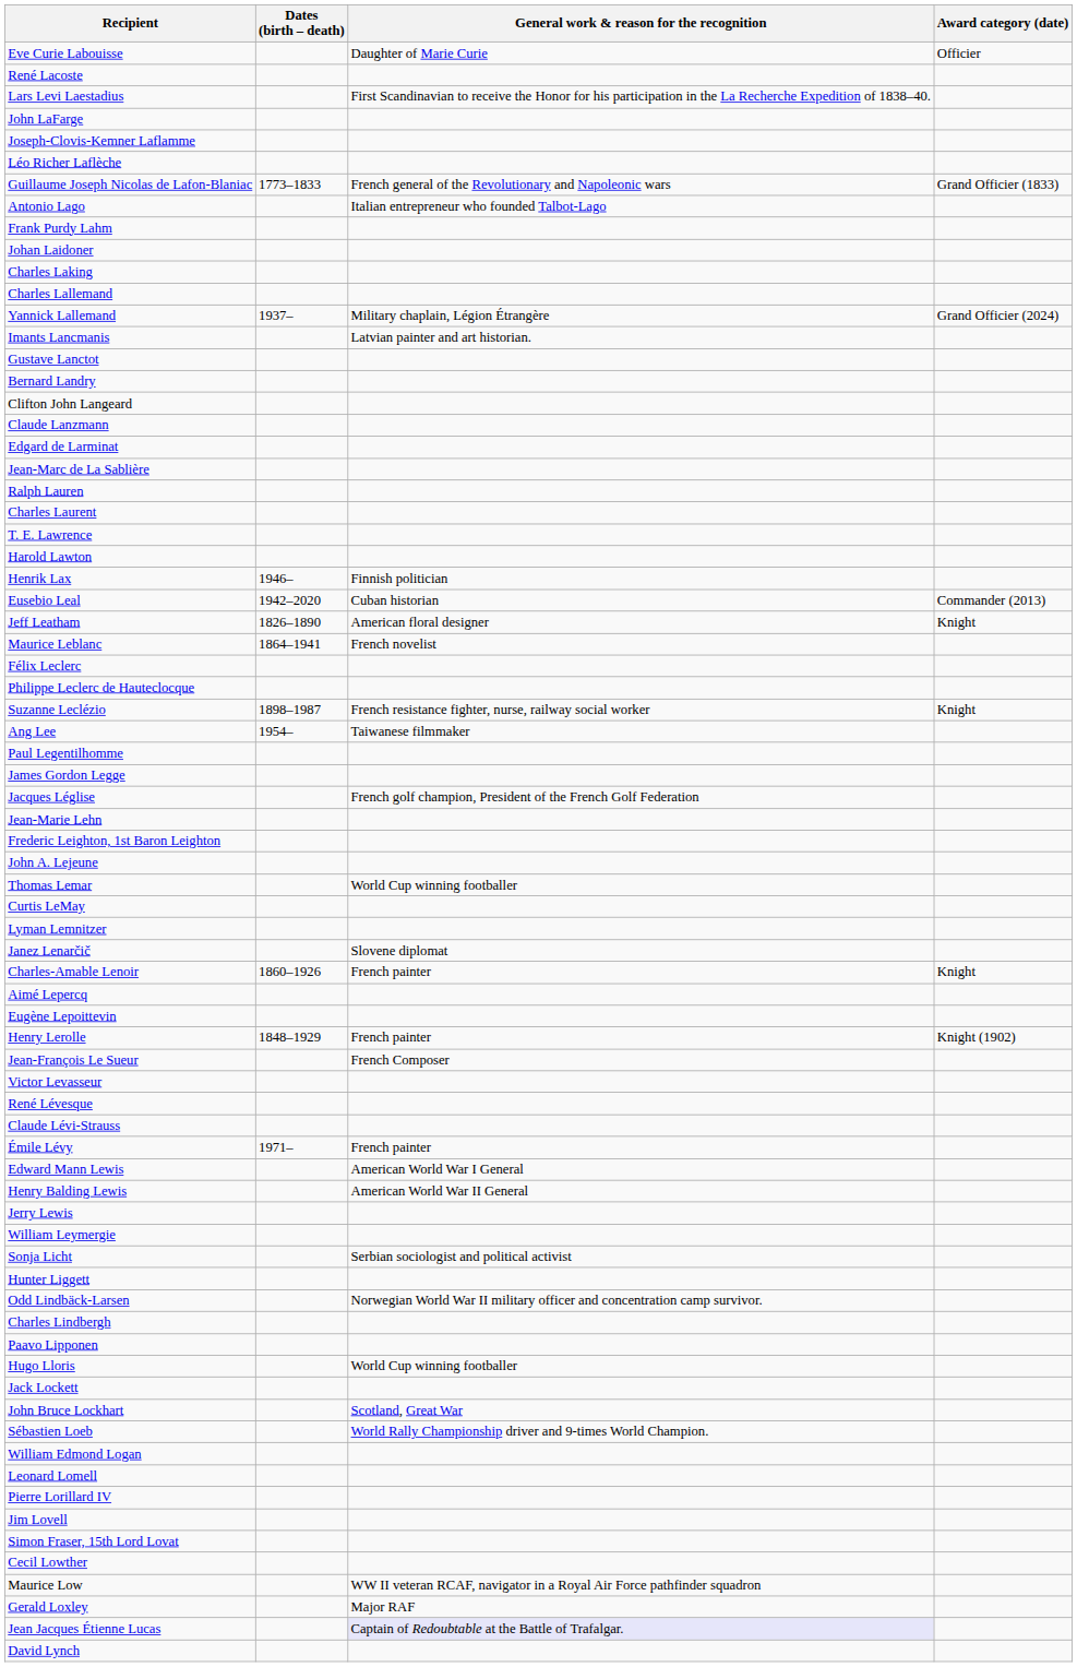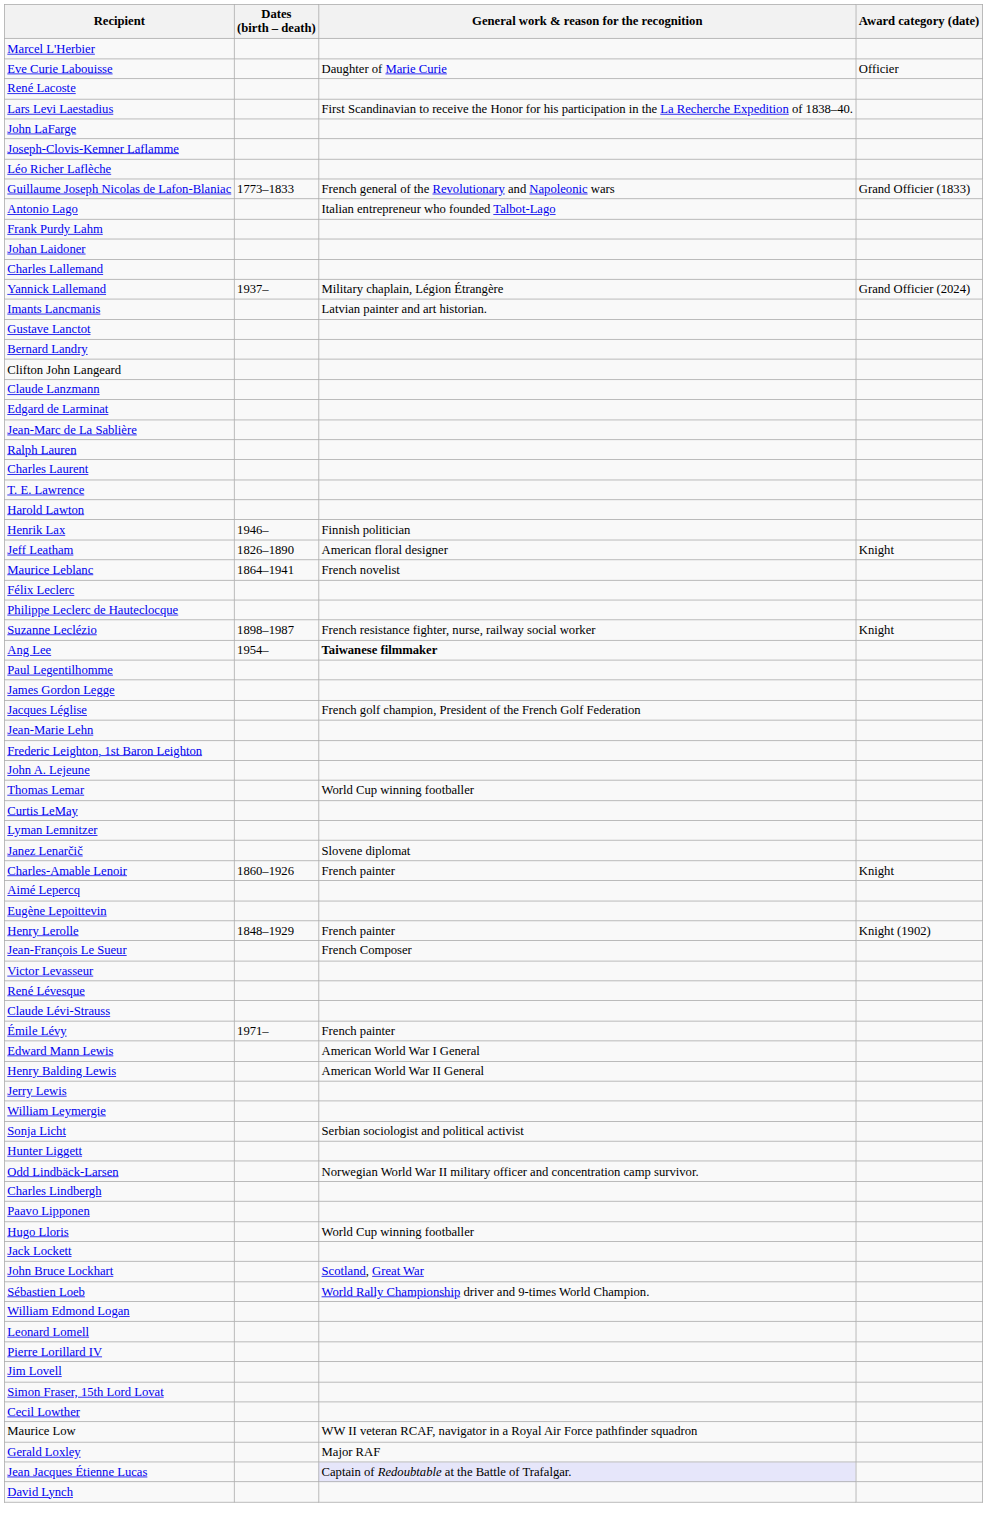 <table class="wikitable sortable static-row-numbers"|>
 <tr>
 <th>Recipient</th>
 <th style="white-space: nowrap;">Dates<br>(birth – death)</th>
 <th>General work & reason for the recognition</th>
 <th style="white-space: nowrap">Award category (date)</th>
+</tr>
+<tr>
+<td><a href='#'>Marcel L'Herbier</a></td>
+<td></td>
+<td></td>
+<td style="white-space: nowrap; text-align:left"></td>
 </tr>
 <tr>
 <td><a href='#'>Eve Curie Labouisse</a></td>
 <td></td>
 <td>Daughter of <a href='#'>Marie Curie</a></td>
 <td style="white-space: nowrap; text-align:left">Officier</td>
 </tr>
 <tr>
 <td><a href='#'>René Lacoste</a></td>
 <td></td>
 <td></td>
 <td style="white-space: nowrap; text-align:left"></td>
 </tr>
 <tr>
 <td><a href='#'>Lars Levi Laestadius</a></td>
 <td></td>
 <td>First Scandinavian to receive the Honor for his participation in the <a href='#'>La Recherche Expedition</a> of 1838–40.</td>
 <td style="white-space: nowrap; text-align:left"></td>
 </tr>
 <tr>
 <td><a href='#'>John LaFarge</a></td>
 <td></td>
 <td></td>
 <td style="white-space: nowrap; text-align:left"></td>
 </tr>
 <tr>
 <td><a href='#'>Joseph-Clovis-Kemner Laflamme</a></td>
 <td></td>
 <td></td>
 <td style="white-space: nowrap; text-align:left"></td>
 </tr>
 <tr>
 <td><a href='#'>Léo Richer Laflèche</a></td>
 <td></td>
 <td></td>
 <td style="white-space: nowrap; text-align:left"></td>
 </tr>
 <tr>
 <td><a href='#'>Guillaume Joseph Nicolas de Lafon-Blaniac</a></td>
 <td>1773–1833</td>
 <td>French general of the <a href='#'>Revolutionary</a> and <a href='#'>Napoleonic</a> wars</td>
 <td style="white-space: nowrap; text-align:left">Grand Officier (1833)</td>
 </tr>
 <tr>
 <td><a href='#'>Antonio Lago</a></td>
 <td></td>
 <td>Italian entrepreneur who founded <a href='#'>Talbot-Lago</a></td>
 <td style="white-space: nowrap; text-align:left"></td>
 </tr>
 <tr>
 <td><a href='#'>Frank Purdy Lahm</a></td>
 <td></td>
 <td></td>
 <td style="white-space: nowrap; text-align:left"></td>
 </tr>
 <tr>
 <td><a href='#'>Johan Laidoner</a></td>
-<td></td>
-<td></td>
-<td style="white-space: nowrap; text-align:left"></td>
-</tr>
-<tr>
-<td><a href='#'>Charles Laking</a></td>
 <td></td>
 <td></td>
 <td style="white-space: nowrap; text-align:left"></td>
 </tr>
 <tr>
 <td><a href='#'>Charles Lallemand</a></td>
 <td></td>
 <td></td>
 <td style="white-space: nowrap; text-align:left"></td>
 </tr>
 <tr>
 <td><a href='#'>Yannick Lallemand</a></td>
 <td>1937–</td>
 <td>Military chaplain, Légion Étrangère</td>
 <td style="white-space: nowrap; text-align:left">Grand Officier (2024)</td>
 </tr>
 <tr>
 <td><a href='#'>Imants Lancmanis</a></td>
 <td></td>
 <td>Latvian painter and art historian.</td>
 <td style=“white-space: nowrap; text-align:left”></td>
 </tr>
 <tr>
 <td><a href='#'>Gustave Lanctot</a></td>
 <td></td>
 <td></td>
 <td style="white-space: nowrap; text-align:left"></td>
 </tr>
 <tr>
 <td><a href='#'>Bernard Landry</a></td>
 <td></td>
 <td></td>
 <td style="white-space: nowrap; text-align:left"></td>
 </tr>
 <tr>
 <td>Clifton John Langeard</td>
 <td></td>
 <td></td>
 <td style="white-space: nowrap; text-align:left"></td>
 </tr>
 <tr>
 <td><a href='#'>Claude Lanzmann</a></td>
 <td></td>
 <td></td>
 <td style="white-space: nowrap; text-align:left"></td>
 </tr>
 <tr>
 <td><a href='#'>Edgard de Larminat</a></td>
 <td></td>
 <td></td>
 <td style="white-space: nowrap; text-align:left"></td>
 </tr>
 <tr>
 <td><a href='#'>Jean-Marc de La Sablière</a></td>
 <td></td>
 <td></td>
 <td style="white-space: nowrap; text-align:left"></td>
 </tr>
 <tr>
 <td><a href='#'>Ralph Lauren</a></td>
 <td></td>
 <td></td>
 <td style="white-space: nowrap; text-align:left"></td>
 </tr>
 <tr>
 <td><a href='#'>Charles Laurent</a></td>
 <td></td>
 <td></td>
 <td style="white-space: nowrap; text-align:left"></td>
 </tr>
 <tr>
 <td><a href='#'>T. E. Lawrence</a></td>
 <td></td>
 <td></td>
 <td style="white-space: nowrap; text-align:left"></td>
 </tr>
 <tr>
 <td><a href='#'>Harold Lawton</a></td>
 <td></td>
 <td></td>
 <td style="white-space: nowrap; text-align:left"></td>
 </tr>
 <tr>
 <td><a href='#'>Henrik Lax</a></td>
 <td>1946–</td>
 <td>Finnish politician</td>
 <td style="white-space: nowrap; text-align:left"></td>
 </tr>
 <tr>
-<td><a href='#'>Eusebio Leal</a></td>
-<td>1942–2020</td>
-<td>Cuban historian</td>
-<td style="white-space: nowrap; text-align:left">Commander (2013)</td>
-</tr>
-<tr>
 <td><a href='#'>Jeff Leatham</a></td>
 <td>1826–1890</td>
 <td>American floral designer</td>
 <td style="white-space: nowrap; text-align:left">Knight</td>
 </tr>
 <tr>
 <td><a href='#'>Maurice Leblanc</a></td>
 <td>1864–1941</td>
 <td>French novelist</td>
 <td style="white-space: nowrap; text-align:left"></td>
 </tr>
 <tr>
 <td><a href='#'>Félix Leclerc</a></td>
 <td></td>
 <td></td>
 <td style="white-space: nowrap; text-align:left"></td>
 </tr>
 <tr>
 <td><a href='#'>Philippe Leclerc de Hauteclocque</a></td>
 <td></td>
 <td></td>
 <td style="white-space: nowrap; text-align:left"></td>
 </tr>
 <tr>
 <td><a href='#'>Suzanne Leclézio</a></td>
 <td>1898–1987</td>
 <td>French resistance fighter, nurse, railway social worker</td>
 <td>Knight</td>
 </tr>
 <tr>
 <td><a href='#'>Ang Lee</a></td>
 <td>1954–</td>
-<td>Taiwanese filmmaker</td>
+<td><strong>Taiwanese filmmaker</strong></td>
 <td style="white-space: nowrap; text-align:left"></td>
 </tr>
 <tr>
 <td><a href='#'>Paul Legentilhomme</a></td>
 <td></td>
 <td></td>
 <td style="white-space: nowrap; text-align:left"></td>
 </tr>
 <tr>
 <td><a href='#'>James Gordon Legge</a></td>
 <td></td>
 <td></td>
 <td style="white-space: nowrap; text-align:left"></td>
 </tr>
 <tr>
 <td><a href='#'>Jacques Léglise</a></td>
 <td></td>
 <td>French golf champion, President of the French Golf Federation</td>
 <td style="white-space: nowrap; text-align:left"></td>
 </tr>
 <tr>
 <td><a href='#'>Jean-Marie Lehn</a></td>
 <td></td>
 <td></td>
 <td style="white-space: nowrap; text-align:left"></td>
 </tr>
 <tr>
 <td><a href='#'>Frederic Leighton, 1st Baron Leighton</a></td>
 <td></td>
 <td></td>
 <td style="white-space: nowrap; text-align:left"></td>
 </tr>
 <tr>
 <td><a href='#'>John A. Lejeune</a></td>
 <td></td>
 <td></td>
 <td style="white-space: nowrap; text-align:left"></td>
 </tr>
 <tr>
 <td><a href='#'>Thomas Lemar</a></td>
 <td></td>
 <td>World Cup winning footballer</td>
 <td style="white-space: nowrap; text-align:left"></td>
 </tr>
 <tr>
 <td><a href='#'>Curtis LeMay</a></td>
 <td></td>
 <td></td>
 <td style="white-space: nowrap; text-align:left"></td>
 </tr>
 <tr>
 <td><a href='#'>Lyman Lemnitzer</a></td>
 <td></td>
 <td></td>
 <td style="white-space: nowrap; text-align:left"></td>
 </tr>
 <tr>
 <td><a href='#'>Janez Lenarčič</a></td>
 <td></td>
 <td>Slovene diplomat</td>
 <td style="white-space: nowrap; text-align:left"></td>
 </tr>
 <tr>
 <td><a href='#'>Charles-Amable Lenoir</a></td>
 <td>1860–1926</td>
 <td>French painter</td>
 <td style="white-space: nowrap; text-align:left">Knight</td>
 </tr>
 <tr>
 <td><a href='#'>Aimé Lepercq</a></td>
 <td></td>
 <td></td>
 <td style="white-space: nowrap; text-align:left"></td>
 </tr>
 <tr>
 <td><a href='#'>Eugène Lepoittevin</a></td>
 <td></td>
 <td></td>
 <td style="white-space: nowrap; text-align:left"></td>
 </tr>
 <tr>
 <td><a href='#'>Henry Lerolle</a></td>
 <td>1848–1929</td>
 <td>French painter</td>
 <td style="white-space: nowrap; text-align:left">Knight (1902)</td>
 </tr>
 <tr>
 <td><a href='#'>Jean-François Le Sueur</a></td>
 <td></td>
 <td>French Composer</td>
 <td style="white-space: nowrap; text-align:left"></td>
 </tr>
 <tr>
 <td><a href='#'>Victor Levasseur</a></td>
 <td></td>
 <td></td>
 <td style="white-space: nowrap; text-align:left"></td>
 </tr>
 <tr>
 <td><a href='#'>René Lévesque</a></td>
 <td></td>
 <td></td>
 <td style="white-space: nowrap; text-align:left"></td>
 </tr>
 <tr>
 <td><a href='#'>Claude Lévi-Strauss</a></td>
 <td></td>
 <td></td>
 <td style="white-space: nowrap; text-align:left"></td>
 </tr>
 <tr>
 <td><a href='#'>Émile Lévy</a></td>
 <td>1971–</td>
 <td>French painter</td>
 <td style="white-space: nowrap; text-align:left"></td>
 </tr>
 <tr>
 <td><a href='#'>Edward Mann Lewis</a></td>
 <td></td>
 <td>American World War I General</td>
 <td style="white-space: nowrap; text-align:left"></td>
 </tr>
 <tr>
 <td><a href='#'>Henry Balding Lewis</a></td>
 <td></td>
 <td>American World War II General</td>
 <td style="white-space: nowrap; text-align:left"></td>
 </tr>
 <tr>
 <td><a href='#'>Jerry Lewis</a></td>
 <td></td>
 <td></td>
 <td style="white-space: nowrap; text-align:left"></td>
 </tr>
 <tr>
 <td><a href='#'>William Leymergie</a></td>
 <td></td>
 <td></td>
 <td style="white-space: nowrap; text-align:left"></td>
 </tr>
 <tr>
 <td><a href='#'>Sonja Licht</a></td>
 <td></td>
 <td>Serbian sociologist and political activist</td>
 <td style="white-space: nowrap; text-align:left"></td>
 </tr>
 <tr>
 <td><a href='#'>Hunter Liggett</a></td>
 <td></td>
 <td></td>
 <td style="white-space: nowrap; text-align:left"></td>
 </tr>
 <tr>
 <td><a href='#'>Odd Lindbäck-Larsen</a></td>
 <td></td>
 <td>Norwegian World War II military officer and concentration camp survivor.</td>
 <td style="white-space: nowrap; text-align:left"></td>
 </tr>
 <tr>
 <td><a href='#'>Charles Lindbergh</a></td>
 <td></td>
 <td></td>
 <td style="white-space: nowrap; text-align:left"></td>
 </tr>
 <tr>
 <td><a href='#'>Paavo Lipponen</a></td>
 <td></td>
 <td></td>
 <td style="white-space: nowrap; text-align:left"></td>
 </tr>
 <tr>
 <td><a href='#'>Hugo Lloris</a></td>
 <td></td>
 <td>World Cup winning footballer</td>
 <td style="white-space: nowrap; text-align:left"></td>
 </tr>
 <tr>
 <td><a href='#'>Jack Lockett</a></td>
 <td></td>
 <td></td>
 <td style="white-space: nowrap; text-align:left"></td>
 </tr>
 <tr>
 <td><a href='#'>John Bruce Lockhart</a></td>
 <td></td>
 <td><a href='#'>Scotland</a>, <a href='#'>Great War</a></td>
 <td style="white-space: nowrap; text-align:left"></td>
 </tr>
 <tr>
 <td><a href='#'>Sébastien Loeb</a></td>
 <td></td>
 <td><a href='#'>World Rally Championship</a> driver and 9-times World Champion.</td>
 <td style="white-space: nowrap; text-align:left"></td>
 </tr>
 <tr>
 <td><a href='#'>William Edmond Logan</a></td>
 <td></td>
 <td></td>
 <td style="white-space: nowrap; text-align:left"></td>
 </tr>
 <tr>
 <td><a href='#'>Leonard Lomell</a></td>
 <td></td>
 <td></td>
 <td style="white-space: nowrap; text-align:left"></td>
 </tr>
 <tr>
 <td><a href='#'>Pierre Lorillard IV</a></td>
 <td></td>
 <td></td>
 <td style="white-space: nowrap; text-align:left"></td>
 </tr>
 <tr>
 <td><a href='#'>Jim Lovell</a></td>
 <td></td>
 <td></td>
 <td style="white-space: nowrap; text-align:left"></td>
 </tr>
 <tr>
 <td><a href='#'>Simon Fraser, 15th Lord Lovat</a></td>
 <td></td>
 <td></td>
 <td style="white-space: nowrap; text-align:left"></td>
 </tr>
 <tr>
 <td><a href='#'>Cecil Lowther</a></td>
 <td></td>
 <td></td>
 <td style="white-space: nowrap; text-align:left"></td>
 </tr>
 <tr>
 <td>Maurice Low</td>
 <td></td>
 <td>WW II veteran RCAF, navigator in a Royal Air Force pathfinder squadron</td>
 <td style=“white-space: nowrap; text-align:left”></td>
 </tr>
 <tr>
 <td><a href='#'>Gerald Loxley</a></td>
 <td></td>
 <td>Major RAF</td>
 <td style=“white-space: nowrap; text-align:left”></td>
 </tr>
 <tr>
 <td><a href='#'>Jean Jacques Étienne Lucas</a></td>
 <td></td>
 <td style="background: lavender;">Captain of <em>Redoubtable</em> at the Battle of Trafalgar.</td>
 <td style="white-space: nowrap; text-align:left"></td>
 </tr>
 <tr>
 <td><a href='#'>David Lynch</a></td>
 <td></td>
 <td></td>
 <td style="white-space: nowrap; text-align:left"></td>
 </tr>
 </table>
